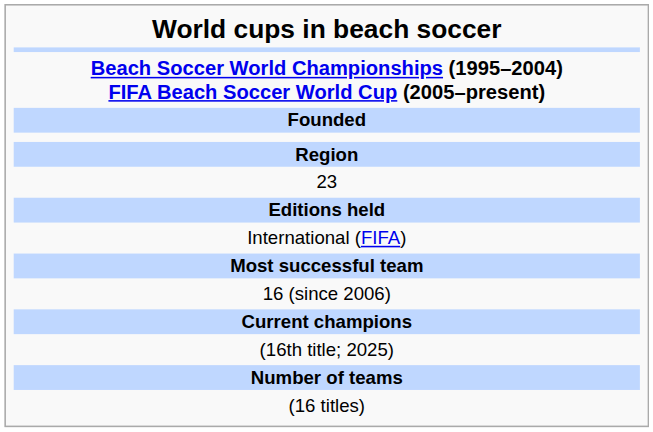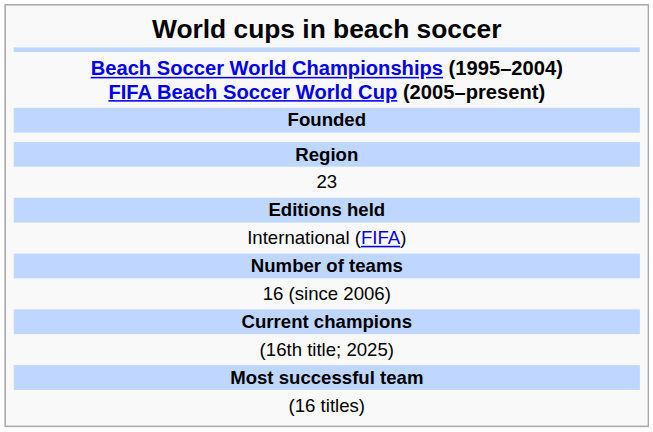 <table class="infobox football" style="width: 26em; text-align: center;">
 <tr>
 <th style="font-size: 17px; border-bottom:3px solid #BFD7FF;">World cups in beach soccer</th>
 </tr>
 <tr>
 <th style="font-size: 13px;"><a href='#'>Beach Soccer World Championships</a> (1995–2004)<br><a href='#'>FIFA Beach Soccer World Cup</a> (2005–present)</th>
 </tr>
 <tr>
 <td style="font-size: 12px; background: #BFD7FF;"><strong>Founded</strong></td>
 </tr>
 <tr>
 <td style="font-size: 12px;"></td>
 </tr>
 <tr>
 <td style="font-size: 12px; background: #BFD7FF;"><strong>Region</strong></td>
 </tr>
 <tr>
 <td style="font-size: 12px;">23</td>
 </tr>
 <tr>
 <td style="font-size: 12px; background: #BFD7FF;"><strong>Editions held</strong></td>
 </tr>
 <tr>
 <td style="font-size: 12px;">International (<a href='#'>FIFA</a>)</td>
 </tr>
 <tr>
-<td style="font-size: 12px; background: #BFD7FF;"><strong>Most successful team</strong></td>
+<td style="font-size: 12px; background: #BFD7FF;"><strong>Number of teams</strong></td>
 </tr>
 <tr>
 <td style="font-size: 12px;">16 (since 2006)</td>
 </tr>
 <tr>
 <td style="font-size: 12px; background: #BFD7FF;"><strong>Current champions</strong></td>
 </tr>
 <tr>
 <td style="font-size: 12px;"> (16th title; 2025)</td>
 </tr>
 <tr>
-<td style="font-size: 12px; background: #BFD7FF;"><strong>Number of teams</strong></td>
+<td style="font-size: 12px; background: #BFD7FF;"><strong>Most successful team</strong></td>
 </tr>
 <tr>
 <td style="font-size: 12px;"> (16 titles)</td>
 </tr>
 </table>
